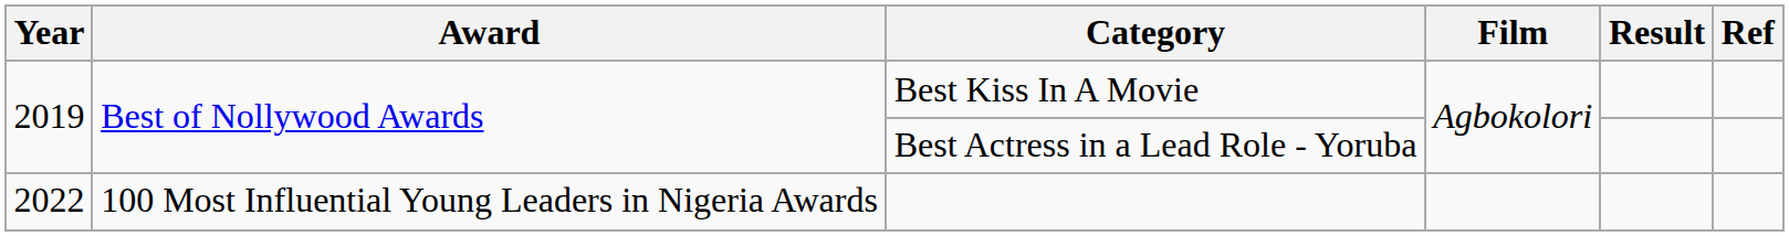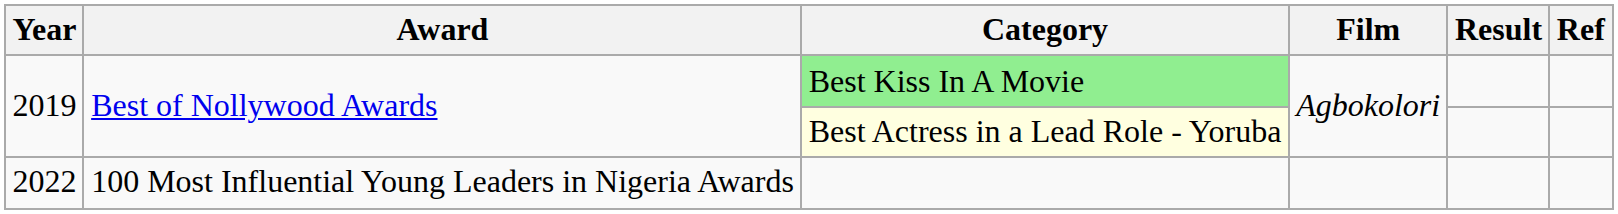 <table class="wikitable sortable">
 <tr>
 <th>Year</th>
 <th>Award</th>
 <th>Category</th>
 <th>Film</th>
 <th>Result</th>
 <th>Ref</th>
 </tr>
 <tr>
 <td rowspan="2">2019</td>
 <td rowspan="2"><a href='#'>Best of Nollywood Awards</a></td>
-<td>Best Kiss In A Movie</td>
+<td style="background: lightgreen;">Best Kiss In A Movie</td>
 <td rowspan="2"><em>Agbokolori</em></td>
 <td></td>
 <td></td>
 </tr>
 <tr>
-<td>Best Actress in a Lead Role - Yoruba</td>
+<td style="background: lightyellow;">Best Actress in a Lead Role - Yoruba</td>
 <td></td>
 <td></td>
 </tr>
 <tr>
 <td>2022</td>
 <td>100 Most Influential Young Leaders in Nigeria Awards</td>
 <td></td>
 <td></td>
 <td></td>
 <td></td>
 </tr>
 <tr>
 </tr>
 </table>
